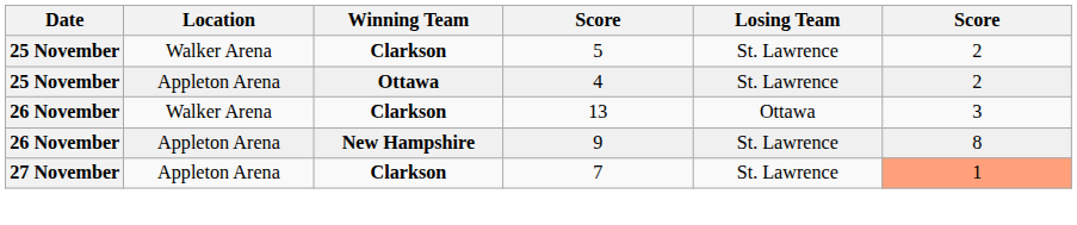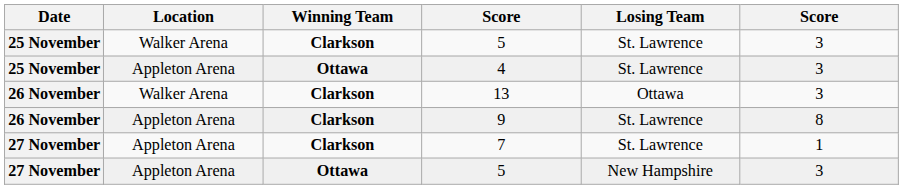 <table class="wikitable" style="text-align:center" cellpadding=2 cellspacing=2>
 <tr>
 <th>Date</th>
 <th scope="col" width="150">Location</th>
 <th scope="col" width="150">Winning Team</th>
 <th scope="col" width="150">Score</th>
 <th scope="col" width="150">Losing Team</th>
 <th scope="col" width="150">Score</th>
 </tr>
 <tr>
 <th>25 November</th>
 <td>Walker Arena</td>
 <td><strong>Clarkson</strong></td>
 <td>5</td>
 <td>St. Lawrence</td>
-<td>2</td>
+<td>3</td>
 </tr>
 <tr bgcolor=f0f0f0>
 <th>25 November</th>
 <td>Appleton Arena</td>
 <td><strong>Ottawa</strong></td>
 <td>4</td>
 <td>St. Lawrence</td>
-<td>2</td>
+<td>3</td>
 </tr>
 <tr>
 <th>26 November</th>
 <td>Walker Arena</td>
 <td><strong>Clarkson</strong></td>
 <td>13</td>
 <td>Ottawa</td>
 <td>3</td>
 </tr>
 <tr bgcolor=f0f0f0>
 <th>26 November</th>
 <td>Appleton Arena</td>
-<td><strong>New Hampshire</strong></td>
+<td><strong>Clarkson</strong></td>
 <td>9</td>
 <td>St. Lawrence</td>
 <td>8</td>
 </tr>
 <tr>
 <th>27 November</th>
 <td>Appleton Arena</td>
 <td><strong>Clarkson</strong></td>
 <td>7</td>
 <td>St. Lawrence</td>
-<td style="background: lightsalmon;">1</td>
+<td>1</td>
+</tr>
+<tr bgcolor=f0f0f0>
+<th>27 November</th>
+<td>Appleton Arena</td>
+<td><strong>Ottawa</strong></td>
+<td>5</td>
+<td>New Hampshire</td>
+<td>3</td>
 </tr>
 </table>
